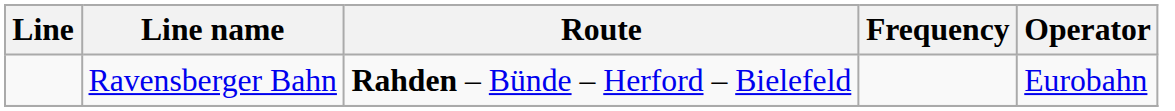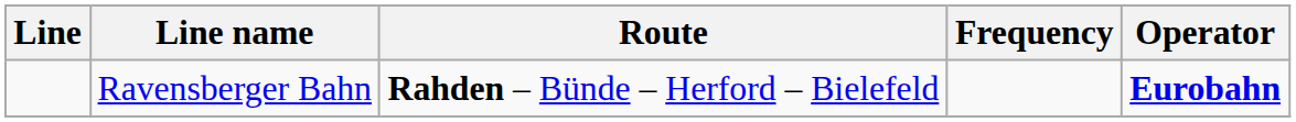 <table class="wikitable">
 <tr class="hintergrundfarbe5">
 <th>Line</th>
 <th>Line name</th>
 <th>Route</th>
 <th>Frequency</th>
 <th>Operator</th>
 </tr>
 <tr>
 <td align="center"></td>
 <td><a href='#'>Ravensberger Bahn</a></td>
 <td><strong>Rahden</strong> – <a href='#'>Bünde</a> – <a href='#'>Herford</a> – <a href='#'>Bielefeld</a></td>
 <td><br></td>
-<td><a href='#'>Eurobahn</a></td>
+<td><strong><a href='#'>Eurobahn</a></strong></td>
 </tr>
 <tr>
 </tr>
 </table>
